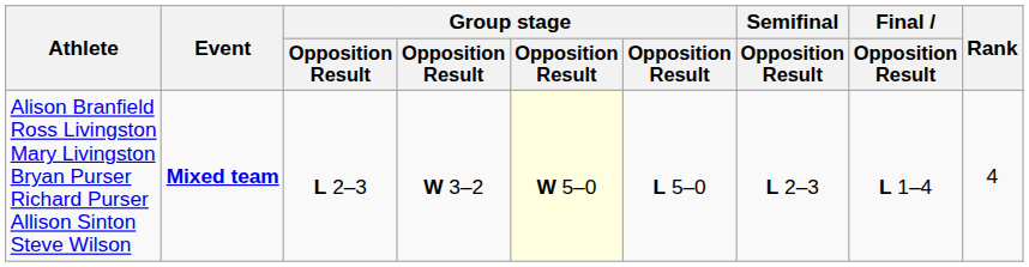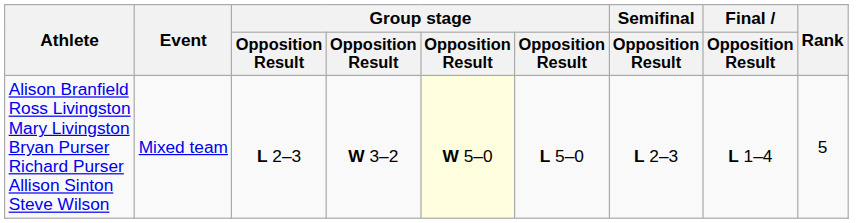 <table class="wikitable" style="font-size:90%">
 <tr>
 <th rowspan="2">Athlete</th>
 <th rowspan="2">Event</th>
 <th colspan="4">Group stage</th>
 <th>Semifinal</th>
 <th>Final / </th>
 <th rowspan="2">Rank</th>
 </tr>
 <tr style="font-size:95%">
 <th>Opposition<br>Result</th>
 <th>Opposition<br>Result</th>
 <th>Opposition<br>Result</th>
 <th>Opposition<br>Result</th>
 <th>Opposition<br>Result</th>
 <th>Opposition<br>Result</th>
 </tr>
 <tr align=center>
 <td align=left><a href='#'>Alison Branfield</a><br><a href='#'>Ross Livingston</a><br><a href='#'>Mary Livingston</a><br><a href='#'>Bryan Purser</a><br><a href='#'>Richard Purser</a><br><a href='#'>Allison Sinton</a><br><a href='#'>Steve Wilson</a></td>
-<td align=left><strong><a href='#'>Mixed team</a></strong></td>
+<td align=left><a href='#'>Mixed team</a></td>
 <td><br><strong>L</strong> 2–3</td>
 <td><br><strong>W</strong> 3–2</td>
 <td style="background: lightyellow;"><br><strong>W</strong> 5–0</td>
 <td><br><strong>L</strong> 5–0</td>
 <td><br><strong>L</strong> 2–3</td>
 <td><br><strong>L</strong> 1–4</td>
-<td>4</td>
+<td>5</td>
 </tr>
 </table>
